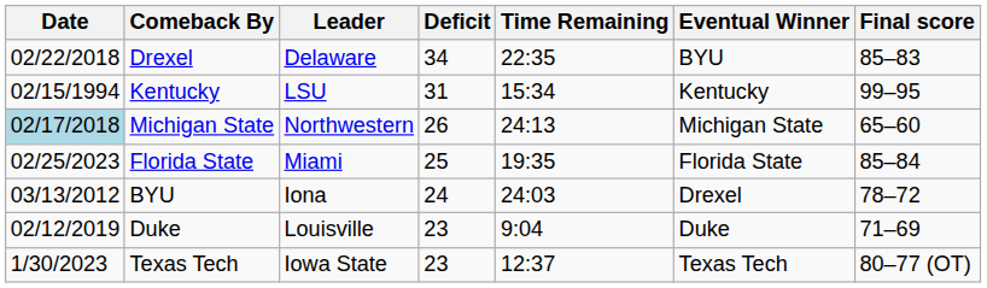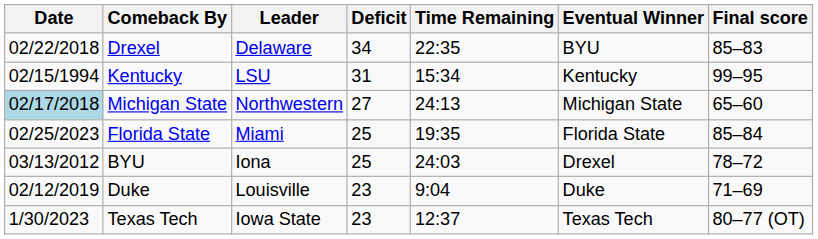 <table class="wikitable sortable">
 <tr>
 <th>Date</th>
 <th>Comeback By</th>
 <th>Leader</th>
 <th>Deficit</th>
 <th>Time Remaining</th>
 <th>Eventual Winner</th>
 <th>Final score</th>
 </tr>
 <tr>
 <td>02/22/2018</td>
 <td><a href='#'>Drexel</a></td>
 <td><a href='#'>Delaware</a></td>
 <td>34</td>
 <td>22:35</td>
 <td>BYU</td>
 <td>85–83  </td>
 </tr>
 <tr>
 <td>02/15/1994</td>
 <td><a href='#'>Kentucky</a></td>
 <td><a href='#'>LSU</a></td>
 <td>31</td>
 <td>15:34</td>
 <td>Kentucky</td>
 <td>99–95</td>
 </tr>
 <tr>
 <td style="background: lightblue;">02/17/2018</td>
 <td><a href='#'>Michigan State</a></td>
 <td><a href='#'>Northwestern</a></td>
-<td>26</td>
+<td>27</td>
 <td>24:13</td>
 <td>Michigan State</td>
 <td>65–60</td>
 </tr>
 <tr>
 <td>02/25/2023</td>
 <td><a href='#'>Florida State</a></td>
 <td><a href='#'>Miami</a></td>
 <td>25</td>
 <td>19:35</td>
 <td>Florida State</td>
 <td>85–84</td>
 </tr>
 <tr>
 <td>03/13/2012</td>
 <td>BYU</td>
 <td>Iona</td>
-<td>24</td>
+<td>25</td>
 <td>24:03</td>
 <td>Drexel</td>
 <td>78–72</td>
 </tr>
 <tr>
 <td>02/12/2019</td>
 <td>Duke</td>
 <td>Louisville</td>
 <td>23</td>
 <td>9:04</td>
 <td>Duke</td>
 <td>71–69</td>
 </tr>
 <tr>
 <td>1/30/2023</td>
 <td>Texas Tech</td>
 <td>Iowa State</td>
 <td>23</td>
 <td>12:37</td>
 <td>Texas Tech</td>
 <td>80–77 (OT)</td>
 </tr>
 </table>
